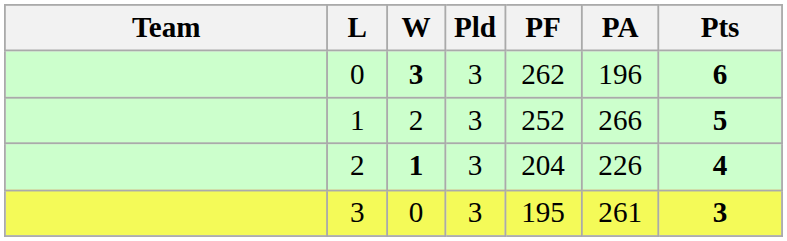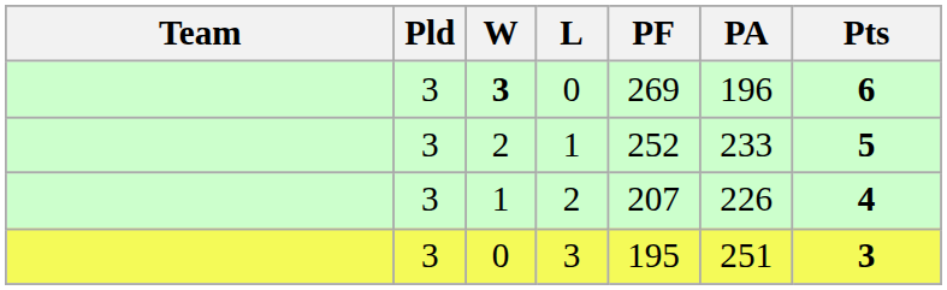 <table class="wikitable" style="text-align:center;">
 <tr>
 <th width=170>Team</th>
+<th width=25>Pld</th>
+<th width=25>W</th>
 <th width=25>L</th>
-<th width=25>W</th>
-<th width=25>Pld</th>
 <th width=35>PF</th>
 <th width=35>PA</th>
 <th width=60>Pts</th>
 </tr>
 <tr bgcolor=#ccffcc>
 <td align="left"></td>
+<td>3</td>
+<td><strong>3</strong></td>
 <td>0</td>
-<td><strong>3</strong></td>
-<td>3</td>
-<td>262</td>
+<td>269</td>
 <td>196</td>
 <td><strong>6</strong></td>
 </tr>
 <tr bgcolor=#ccffcc>
 <td align="left"></td>
+<td>3</td>
+<td>2</td>
 <td>1</td>
-<td>2</td>
-<td>3</td>
 <td>252</td>
-<td>266</td>
+<td>233</td>
 <td><strong>5</strong></td>
 </tr>
 <tr bgcolor=#ccffcc>
 <td align="left"></td>
+<td>3</td>
+<td>1</td>
 <td>2</td>
-<td><strong>1</strong></td>
-<td>3</td>
-<td>204</td>
+<td>207</td>
 <td>226</td>
 <td><strong>4</strong></td>
 </tr>
 <tr bgcolor=#F4FA58>
 <td align="left"></td>
 <td>3</td>
 <td>0</td>
 <td>3</td>
 <td>195</td>
-<td>261</td>
+<td>251</td>
 <td><strong>3</strong></td>
 </tr>
 </table>
